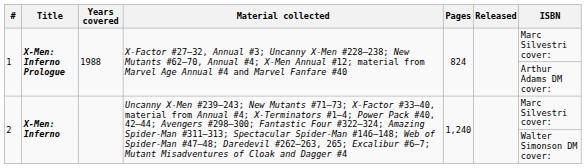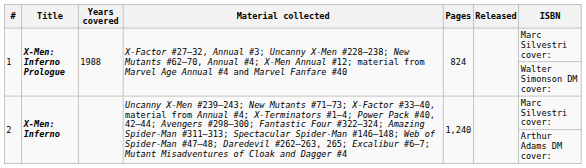 <table class="wikitable sortable" width="99%">
 <tr>
 <th class="unsortable" width="20px">#</th>
 <th>Title</th>
 <th>Years covered</th>
 <th class="unsortable">Material collected</th>
 <th>Pages</th>
 <th>Released</th>
 <th class="unsortable">ISBN</th>
 </tr>
 <tr>
 <td rowspan="2">1</td>
 <td rowspan="2"><strong><em>X-Men: Inferno Prologue</em></strong></td>
 <td rowspan="2">1988</td>
 <td rowspan="2"><em>X-Factor</em> #27–32, <em>Annual</em> #3; <em>Uncanny X-Men</em> #228–238; <em>New Mutants</em> #62–70, <em>Annual</em> #4; <em>X-Men Annual</em> #12; material from <em>Marvel Age Annual</em> #4 and <em>Marvel Fanfare</em> #40</td>
 <td rowspan="2" style="text-align: center;">824</td>
 <td rowspan="2"></td>
 <td>Marc Silvestri cover: </td>
 </tr>
 <tr>
-<td>Arthur Adams DM cover: </td>
+<td>Walter Simonson DM cover: </td>
 </tr>
 <tr>
 <td rowspan="2">2</td>
 <td rowspan="2"><strong><em>X-Men: Inferno</em></strong></td>
 <td rowspan="2"></td>
 <td rowspan="2"><em>Uncanny X-Men</em> #239–243; <em>New Mutants</em> #71–73; <em>X-Factor</em> #33–40, material from <em>Annual</em> #4; <em>X-Terminators</em> #1–4; <em>Power Pack</em> #40, 42–44; <em>Avengers</em> #298–300; <em>Fantastic Four</em> #322–324; <em>Amazing Spider-Man</em> #311–313; <em>Spectacular Spider-Man</em> #146–148; <em>Web of Spider-Man</em> #47–48; <em>Daredevil</em> #262–263, 265; <em>Excalibur</em> #6–7; <em>Mutant Misadventures of Cloak and Dagger</em> #4</td>
 <td rowspan="2" style="text-align: center;">1,240</td>
 <td rowspan="2"></td>
 <td>Marc Silvestri cover: </td>
 </tr>
 <tr>
-<td>Walter Simonson DM cover: </td>
+<td>Arthur Adams DM cover: </td>
 </tr>
 </table>
